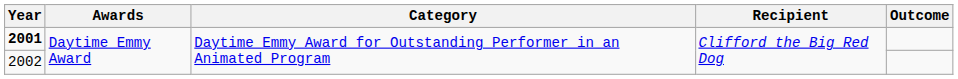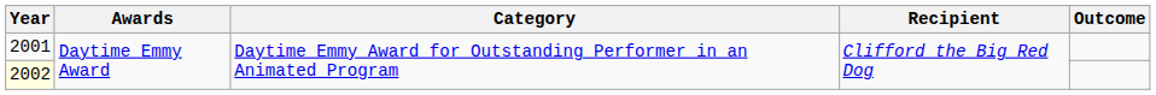 <table class="wikitable sortable">
 <tr>
 <th>Year</th>
 <th>Awards</th>
 <th>Category</th>
 <th>Recipient</th>
 <th>Outcome</th>
 </tr>
 <tr>
-<td><strong>2001</strong></td>
+<td>2001</td>
 <td rowspan=2><a href='#'>Daytime Emmy Award</a></td>
 <td rowspan=2><a href='#'>Daytime Emmy Award for Outstanding Performer in an Animated Program</a></td>
 <td rowspan=2><em><a href='#'>Clifford the Big Red Dog</a></em></td>
 <td></td>
 </tr>
 <tr>
-<td>2002</td>
+<td style="background: lightyellow;">2002</td>
 <td></td>
 </tr>
 </table>
